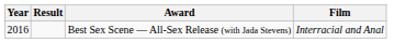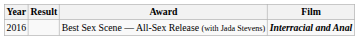 <table class="wikitable">
 <tr>
 <th>Year</th>
 <th>Result</th>
 <th>Award</th>
 <th>Film</th>
 </tr>
 <tr>
 <td>2016</td>
 <td></td>
 <td>Best Sex Scene — All-Sex Release <small>(with Jada Stevens)</small></td>
-<td><em>Interracial and Anal </em></td>
+<td><strong><em>Interracial and Anal </em></strong></td>
 </tr>
 </table>
